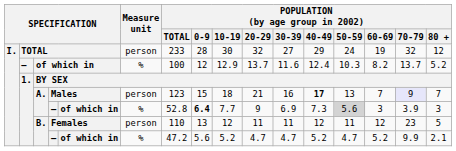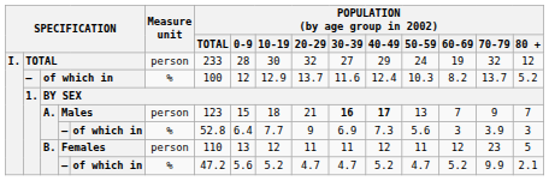 <table class="wikitable" style="font-size:85%; text-align:center">
 <tr>
 <th rowspan="2" colspan="5">SPECIFICATION</th>
 <th rowspan="2">Measure<br> unit</th>
 <th colspan="10" rowspan="1">POPULATION<br> (by age group in 2002)</th>
 </tr>
 <tr>
 <th>TOTAL</th>
 <th>0-9</th>
 <th>10-19</th>
 <th>20-29</th>
 <th>30-39</th>
 <th>40-49</th>
 <th>50-59</th>
 <th>60-69</th>
 <th>70-79</th>
 <th>80 +</th>
 </tr>
 <tr>
 <th style="text-align:left" valign="top" rowspan="7">I.</th>
 <th style="text-align:left" colspan="4">TOTAL</th>
 <td>person</td>
 <td>233</td>
 <td>28</td>
 <td>30</td>
 <td>32</td>
 <td>27</td>
 <td>29</td>
 <td>24</td>
 <td>19</td>
 <td>32</td>
 <td>12</td>
 </tr>
 <tr>
 <th style="text-align:left" valign="top">—</th>
 <th style="text-align:left" colspan="3">of which in</th>
 <td>%</td>
 <td>100</td>
 <td>12</td>
 <td>12.9</td>
 <td>13.7</td>
 <td>11.6</td>
 <td>12.4</td>
 <td>10.3</td>
 <td>8.2</td>
 <td>13.7</td>
 <td>5.2</td>
 </tr>
 <tr>
 <th style="text-align:left" valign="top" rowspan="5">1.</th>
 <th style="text-align:left" colspan="14">BY SEX</th>
 </tr>
 <tr>
 <th style="text-align:left" valign="top" rowspan="2">A.</th>
 <th style="text-align:left" colspan="2">Males</th>
 <td>person</td>
 <td>123</td>
 <td>15</td>
 <td>18</td>
 <td>21</td>
-<td>16</td>
+<td><strong>16</strong></td>
 <td><strong>17</strong></td>
 <td>13</td>
 <td>7</td>
-<td style="background: lavender;">9</td>
+<td>9</td>
 <td>7</td>
 </tr>
 <tr>
 <th style="text-align:left" valign="top">—</th>
 <th style="text-align:left" colspan="1">of which in</th>
 <td>%</td>
 <td>52.8</td>
-<td><strong>6.4</strong></td>
+<td>6.4</td>
 <td>7.7</td>
 <td>9</td>
 <td>6.9</td>
 <td>7.3</td>
-<td style="background: lightgrey;">5.6</td>
+<td>5.6</td>
 <td>3</td>
 <td>3.9</td>
 <td>3</td>
 </tr>
 <tr>
 <th style="text-align:left" valign="top" rowspan="2">B.</th>
 <th style="text-align:left" colspan="2">Females</th>
 <td>person</td>
 <td>110</td>
 <td>13</td>
 <td>12</td>
 <td>11</td>
 <td>11</td>
 <td>12</td>
 <td>11</td>
 <td>12</td>
 <td>23</td>
 <td>5</td>
 </tr>
 <tr>
 <th style="text-align:left" valign="top">—</th>
 <th style="text-align:left" colspan="1">of which in</th>
 <td>%</td>
 <td>47.2</td>
 <td>5.6</td>
 <td>5.2</td>
 <td>4.7</td>
 <td>4.7</td>
 <td>5.2</td>
 <td>4.7</td>
 <td>5.2</td>
 <td>9.9</td>
 <td>2.1</td>
 </tr>
 </table>
